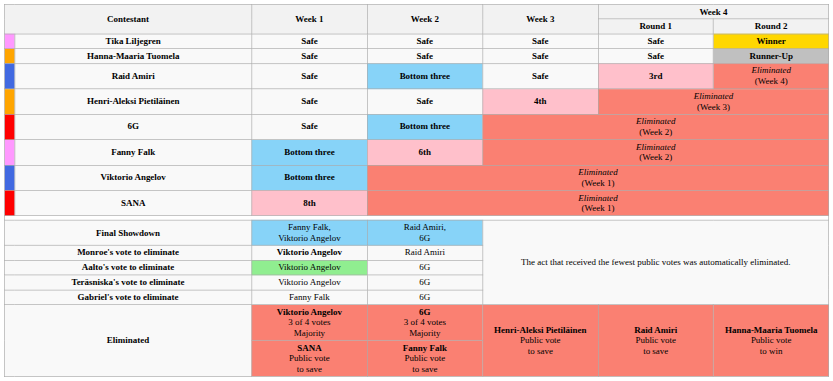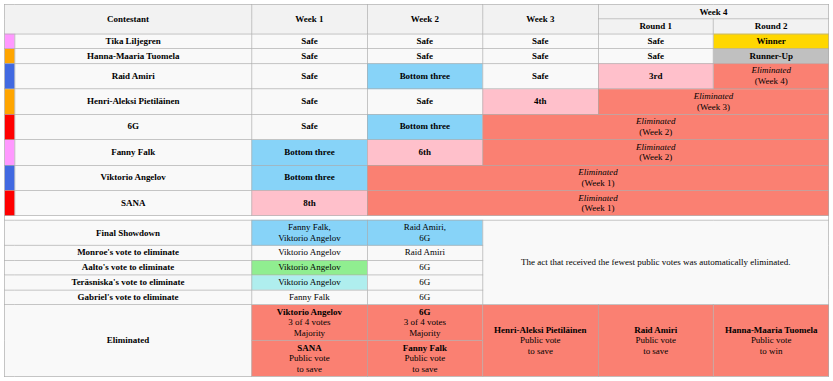 <table class="wikitable" style="text-align:center; font-size:85%">
 <tr>
 <th style="width:15%" colspan=2 rowspan=2>Contestant</th>
 <th style="width:7%" rowspan=2>Week 1</th>
 <th style="width:7%" rowspan=2>Week 2</th>
 <th style="width:7%" rowspan=2>Week 3</th>
 <th style="width:14%" colspan=2>Week 4</th>
 </tr>
 <tr>
 <th style="width:7%">Round 1</th>
 <th style="width:7%">Round 2</th>
 </tr>
 <tr>
 <td style="background:#FF99FF"></td>
 <td><strong>Tika Liljegren</strong></td>
 <td><strong>Safe</strong></td>
 <td><strong>Safe</strong></td>
 <td><strong>Safe</strong></td>
 <td><strong>Safe</strong></td>
 <td style="background:gold"><strong>Winner</strong></td>
 </tr>
 <tr>
 <td style="background:#FFA500"></td>
 <td><strong>Hanna-Maaria Tuomela</strong></td>
 <td><strong>Safe</strong></td>
 <td><strong>Safe</strong></td>
 <td><strong>Safe</strong></td>
 <td><strong>Safe</strong></td>
 <td style="background:silver"><strong>Runner-Up</strong></td>
 </tr>
 <tr>
 <td style="background:#4169E1"></td>
 <td><strong>Raid Amiri</strong></td>
 <td><strong>Safe</strong></td>
 <td style="background:#87D3F8"><strong>Bottom three</strong></td>
 <td><strong>Safe</strong></td>
 <td style="background:pink"><strong>3rd</strong></td>
 <td bgcolor="salmon" colspan=3><em>Eliminated</em><br>(Week 4)</td>
 </tr>
 <tr>
 <td style="background:#FFA500"></td>
 <td><strong>Henri-Aleksi Pietiläinen</strong></td>
 <td><strong>Safe</strong></td>
 <td><strong>Safe</strong></td>
 <td style="background:pink"><strong>4th</strong></td>
 <td bgcolor="salmon" colspan=2><em>Eliminated</em><br>(Week 3)</td>
 </tr>
 <tr>
 <td style="background:#FF0000"></td>
 <td><strong>6G</strong></td>
 <td><strong>Safe</strong></td>
 <td style="background:#87D3F8"><strong>Bottom three</strong></td>
 <td bgcolor="salmon" colspan=3><em>Eliminated</em><br>(Week 2)</td>
 </tr>
 <tr>
 <td style="background:#FF99FF"></td>
 <td><strong>Fanny Falk</strong></td>
 <td style="background:#87D3F8"><strong>Bottom three</strong></td>
 <td style="background:pink"><strong>6th</strong></td>
 <td bgcolor="salmon" colspan=3><em>Eliminated</em><br>(Week 2)</td>
 </tr>
 <tr>
 <td style="background:#4169E1"></td>
 <td><strong>Viktorio Angelov</strong></td>
 <td style="background:#87D3F8"><strong>Bottom three</strong></td>
 <td bgcolor="salmon" colspan=4><em>Eliminated</em><br>(Week 1)</td>
 </tr>
 <tr>
 <td style="background:#FF0000"></td>
 <td><strong>SANA</strong></td>
 <td style="background:pink"><strong>8th</strong></td>
 <td bgcolor="salmon" colspan=4><em>Eliminated</em><br>(Week 1)</td>
 </tr>
 <tr>
 <td style="background:#FFFFFF;" colspan="9"></td>
 </tr>
 <tr>
 <td colspan=2><strong>Final Showdown</strong></td>
 <td style="background:#87D3F8">Fanny Falk,<br>Viktorio Angelov</td>
 <td style="background:#87D3F8">Raid Amiri,<br>6G</td>
 <td rowspan=5 colspan=3>The act that received the fewest public votes was automatically eliminated.</td>
 </tr>
 <tr>
 <td colspan="2"><strong>Monroe's vote to eliminate</strong></td>
-<td><strong>Viktorio Angelov</strong></td>
+<td>Viktorio Angelov</td>
 <td>Raid Amiri</td>
 </tr>
 <tr>
 <td colspan="2"><strong>Aalto's vote to eliminate</strong></td>
 <td style="background: lightgreen;">Viktorio Angelov</td>
 <td>6G</td>
 </tr>
 <tr>
 <td colspan="2"><strong>Teräsniska's vote to eliminate</strong></td>
-<td>Viktorio Angelov</td>
+<td style="background: paleturquoise;">Viktorio Angelov</td>
 <td>6G</td>
 </tr>
 <tr>
 <td colspan="2"><strong>Gabriel's vote to eliminate</strong></td>
 <td>Fanny Falk</td>
 <td>6G</td>
 </tr>
 <tr>
 <td colspan="2" rowspan="2"><strong>Eliminated</strong></td>
 <td style="background:#FA8072"><strong>Viktorio Angelov</strong><br>3 of 4 votes<br>Majority</td>
 <td style="background:#FA8072"><strong>6G</strong><br>3 of 4 votes<br>Majority</td>
 <td style="background:#FA8072" rowspan=2><strong>Henri-Aleksi Pietiläinen</strong><br>Public vote<br>to save</td>
 <td style="background:#FA8072" rowspan=2><strong>Raid Amiri</strong><br>Public vote<br>to save</td>
 <td style="background:#FA8072" rowspan=2><strong>Hanna-Maaria Tuomela</strong><br>Public vote<br>to win</td>
 </tr>
 <tr>
 <td style="background:#FA8072"><strong>SANA</strong><br>Public vote<br>to save</td>
 <td style="background:#FA8072"><strong>Fanny Falk</strong><br>Public vote<br>to save</td>
 </tr>
 </table>
